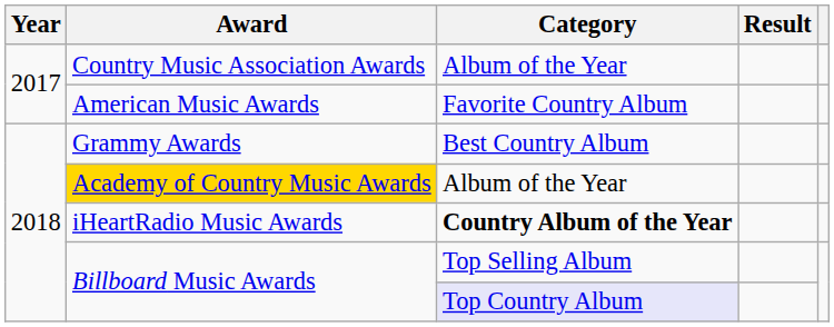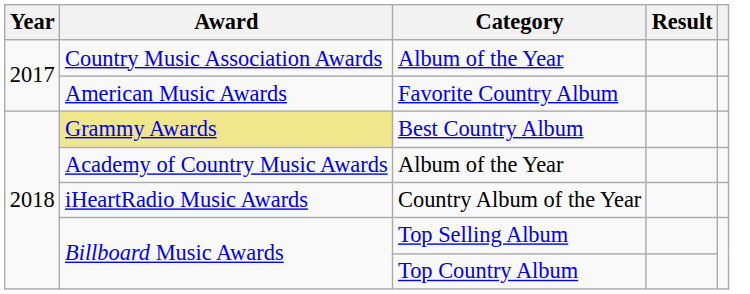 <table class="wikitable">
 <tr>
 <th>Year</th>
 <th>Award</th>
 <th>Category</th>
 <th>Result</th>
 <th></th>
 </tr>
 <tr>
 <td rowspan=2>2017</td>
 <td><a href='#'>Country Music Association Awards</a></td>
 <td><a href='#'>Album of the Year</a></td>
 <td></td>
 <td style="text-align:center;"></td>
 </tr>
 <tr>
 <td><a href='#'>American Music Awards</a></td>
 <td><a href='#'>Favorite Country Album</a></td>
 <td></td>
 <td style="text-align:center;"></td>
 </tr>
 <tr>
 <td rowspan=5>2018</td>
-<td><a href='#'>Grammy Awards</a></td>
+<td style="background: khaki;"><a href='#'>Grammy Awards</a></td>
 <td><a href='#'>Best Country Album</a></td>
 <td></td>
 <td style="text-align:center;"></td>
 </tr>
 <tr>
-<td style="background: gold;"><a href='#'>Academy of Country Music Awards</a></td>
+<td><a href='#'>Academy of Country Music Awards</a></td>
 <td>Album of the Year</td>
 <td></td>
 <td style="text-align:center;"></td>
 </tr>
 <tr>
 <td><a href='#'>iHeartRadio Music Awards</a></td>
-<td><strong>Country Album of the Year</strong></td>
+<td>Country Album of the Year</td>
 <td></td>
 <td style="text-align:center;"></td>
 </tr>
 <tr>
 <td rowspan=2><a href='#'><em>Billboard</em> Music Awards</a></td>
 <td><a href='#'>Top Selling Album</a></td>
 <td></td>
 <td style="text-align:center;" rowspan=2></td>
 </tr>
 <tr>
-<td style="background: lavender;"><a href='#'>Top Country Album</a></td>
+<td><a href='#'>Top Country Album</a></td>
 <td></td>
 </tr>
 </table>
